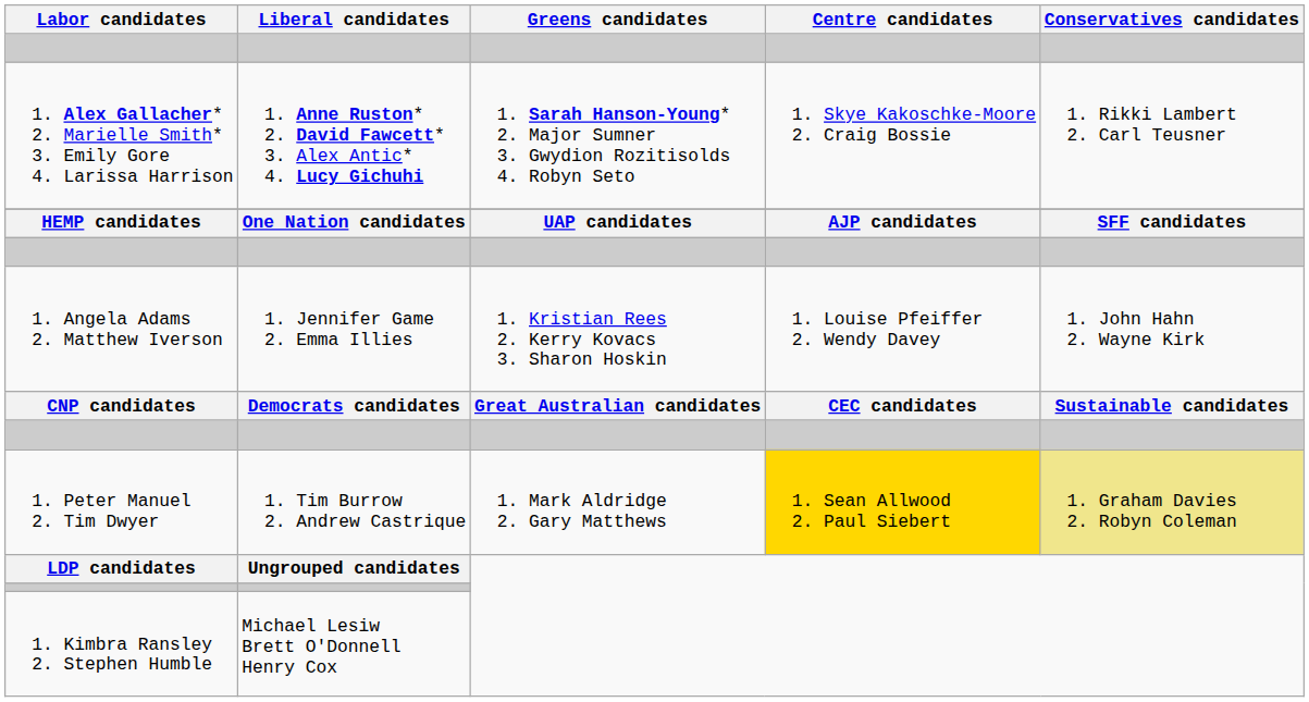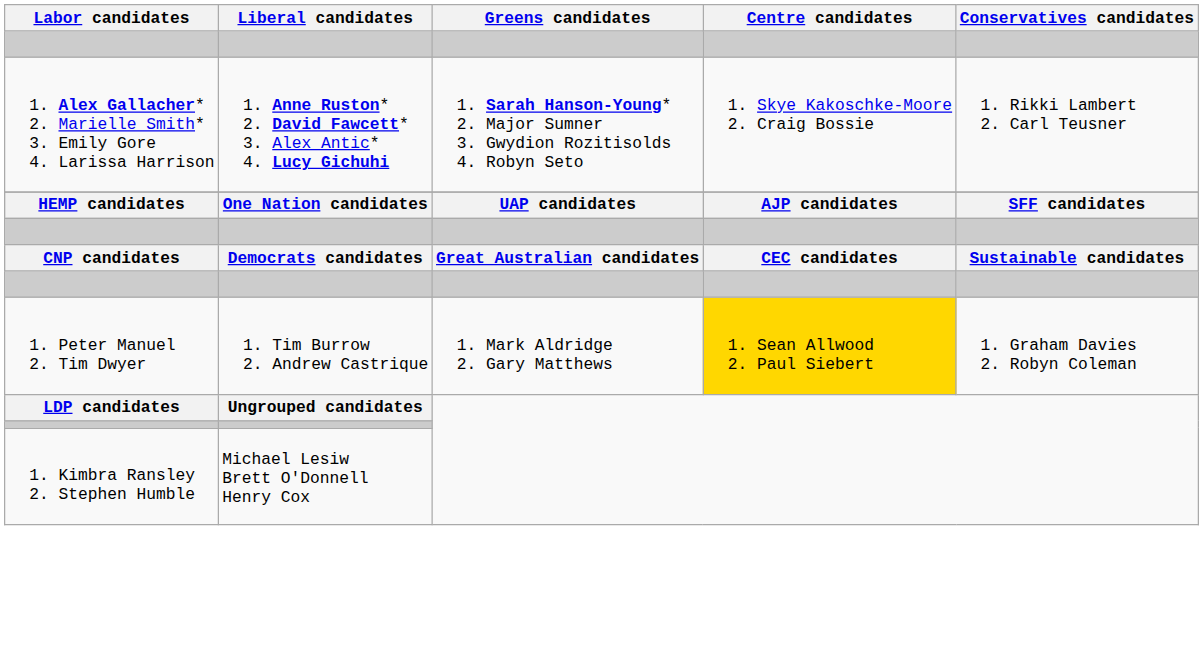 <table class="wikitable">
 <tr>
 <th><a href='#'>Labor</a> candidates</th>
 <th><a href='#'>Liberal</a> candidates</th>
 <th><a href='#'>Greens</a> candidates</th>
 <th><a href='#'>Centre</a> candidates</th>
 <th><a href='#'>Conservatives</a> candidates</th>
 </tr>
 <tr style="background:#ccc;">
 <td> </td>
 <td> </td>
 <td> </td>
 <td> </td>
 <td> </td>
 </tr>
 <tr>
 <td><br><ol><li><strong><a href='#'>Alex Gallacher</a></strong>*</li><li><a href='#'>Marielle Smith</a>*</li><li>Emily Gore</li><li>Larissa Harrison</li></ol></td>
 <td><br><ol><li><strong><a href='#'>Anne Ruston</a></strong>*</li><li><strong><a href='#'>David Fawcett</a></strong>*</li><li><a href='#'>Alex Antic</a>*</li><li><strong><a href='#'>Lucy Gichuhi</a></strong></li></ol></td>
 <td><br><ol><li><strong><a href='#'>Sarah Hanson-Young</a></strong>*</li><li>Major Sumner</li><li>Gwydion Rozitisolds</li><li>Robyn Seto</li></ol></td>
 <td valign=top><br><ol><li><a href='#'>Skye Kakoschke-Moore</a></li><li>Craig Bossie</li></ol></td>
 <td valign=top><br><ol><li>Rikki Lambert</li><li>Carl Teusner</li></ol></td>
 </tr>
 <tr>
 </tr>
 <tr style="background:#ccc;">
 <th><a href='#'>HEMP</a> candidates</th>
 <th><a href='#'>One Nation</a> candidates</th>
 <th><a href='#'>UAP</a> candidates</th>
 <th><a href='#'>AJP</a> candidates</th>
 <th><a href='#'>SFF</a> candidates</th>
 </tr>
 <tr style="background:#ccc;">
 <td> </td>
 <td></td>
 <td></td>
 <td> </td>
 <td></td>
 </tr>
-<tr>
-<td valign=top><br><ol><li>Angela Adams</li><li>Matthew Iverson</li></ol></td>
-<td valign=top><br><ol><li>Jennifer Game</li><li>Emma Illies</li></ol></td>
-<td valign=top><br><ol><li><a href='#'>Kristian Rees</a></li><li>Kerry Kovacs</li><li>Sharon Hoskin</li></ol></td>
-<td valign=top><br><ol><li>Louise Pfeiffer</li><li>Wendy Davey</li></ol></td>
-<td valign=top><br><ol><li>John Hahn</li><li>Wayne Kirk</li></ol></td>
-</tr>
 <tr style="background:#ccc;">
 <th><a href='#'>CNP</a> candidates</th>
 <th><a href='#'>Democrats</a> candidates</th>
 <th><a href='#'>Great Australian</a> candidates</th>
 <th><a href='#'>CEC</a> candidates</th>
 <th><a href='#'>Sustainable</a> candidates</th>
 </tr>
 <tr style="background:#ccc;">
 <td> </td>
 <td></td>
 <td></td>
 <td></td>
 <td></td>
 </tr>
 <tr>
 <td valign=top><br><ol><li>Peter Manuel</li><li>Tim Dwyer</li></ol></td>
 <td valign="top"><br><ol><li>Tim Burrow</li><li>Andrew Castrique</li></ol></td>
 <td valign="top"><br><ol><li>Mark Aldridge</li><li>Gary Matthews</li></ol></td>
 <td valign="top" style="background: gold;"><br><ol><li>Sean Allwood</li><li>Paul Siebert</li></ol></td>
-<td valign="top" style="background: khaki;"><br><ol><li>Graham Davies</li><li>Robyn Coleman</li></ol></td>
+<td valign="top"><br><ol><li>Graham Davies</li><li>Robyn Coleman</li></ol></td>
 </tr>
 <tr style="background:#ccc;">
 <th><a href='#'>LDP</a> candidates</th>
 <th>Ungrouped candidates</th>
 </tr>
 <tr style="background:#ccc;">
 <td></td>
 <td></td>
 </tr>
 <tr>
 <td valign=top><br><ol><li>Kimbra Ransley</li><li>Stephen Humble</li></ol></td>
 <td valign=top><br>Michael Lesiw<br> Brett O'Donnell<br> Henry Cox</td>
 </tr>
 </table>
